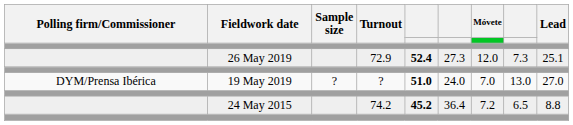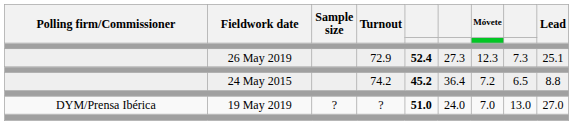 <table class="wikitable collapsible collapsed" style="text-align:center; font-size:95%; line-height:16px;">
 <tr style="height:42px;">
 <th style="width:250px;" rowspan="2">Polling firm/Commissioner</th>
 <th style="width:125px;" rowspan="2">Fieldwork date</th>
 <th style="width:50px;" rowspan="2">Sample size</th>
 <th style="width:45px;" rowspan="2">Turnout</th>
 <th style="width:35px;"></th>
 <th style="width:35px;"></th>
 <th style="width:35px; font-size:75%;">Móvete</th>
 <th style="width:35px;"></th>
 <th style="width:30px;" rowspan="2">Lead</th>
 </tr>
 <tr>
 <th style="color:inherit;background:"></th>
 <th style="color:inherit;background:"></th>
 <th style="color:inherit;background:#02C624;"></th>
 <th style="color:inherit;background:"></th>
 </tr>
 <tr>
 <td colspan="9" style="background:#A0A0A0"></td>
 </tr>
 <tr style="background:#EFEFEF;">
 <td><strong></strong></td>
 <td>26 May 2019</td>
 <td></td>
 <td>72.9</td>
 <td><strong>52.4</strong><br></td>
 <td>27.3<br></td>
-<td>12.0<br></td>
+<td>12.3<br></td>
 <td>7.3<br></td>
 <td style="background:">25.1</td>
+</tr>
+<tr>
+<td colspan="9" style="background:#A0A0A0"></td>
+</tr>
+<tr style="background:#EFEFEF;">
+<td><strong></strong></td>
+<td>24 May 2015</td>
+<td></td>
+<td>74.2</td>
+<td><strong>45.2</strong><br></td>
+<td>36.4<br></td>
+<td>7.2<br></td>
+<td>6.5<br></td>
+<td style="background:">8.8</td>
 </tr>
 <tr>
 <td colspan="9" style="background:#A0A0A0"></td>
 </tr>
 <tr>
 <td>DYM/Prensa Ibérica</td>
 <td>19 May 2019</td>
 <td>?</td>
 <td>?</td>
 <td><strong>51.0</strong><br></td>
 <td>24.0<br></td>
 <td>7.0<br></td>
 <td>13.0<br></td>
 <td style="background:">27.0</td>
 </tr>
 <tr>
 <td colspan="9" style="background:#A0A0A0"></td>
 </tr>
-<tr style="background:#EFEFEF;">
-<td><strong></strong></td>
-<td>24 May 2015</td>
-<td></td>
-<td>74.2</td>
-<td><strong>45.2</strong><br></td>
-<td>36.4<br></td>
-<td>7.2<br></td>
-<td>6.5<br></td>
-<td style="background:">8.8</td>
-</tr>
-<tr>
-<td colspan="9" style="background:#A0A0A0"></td>
-</tr>
 </table>
